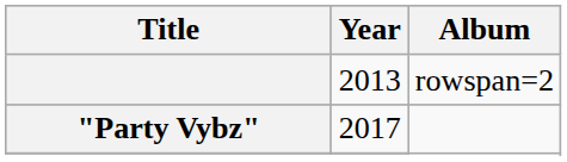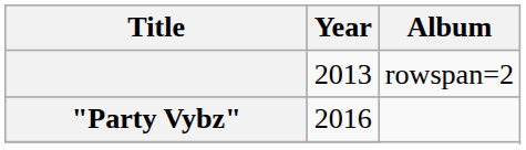 <table class="wikitable plainrowheaders" style="text-align:center;">
 <tr>
 <th scope="col" style="width:10em;">Title</th>
 <th scope="col">Year</th>
 <th scope="col">Album</th>
 </tr>
 <tr>
 <th scope="row"><br></th>
 <td>2013</td>
 <td>rowspan=2 </td>
 </tr>
 <tr>
 <th scope="row">"Party Vybz"<br></th>
-<td>2017</td>
+<td>2016</td>
 </tr>
 <tr>
 </tr>
 </table>
